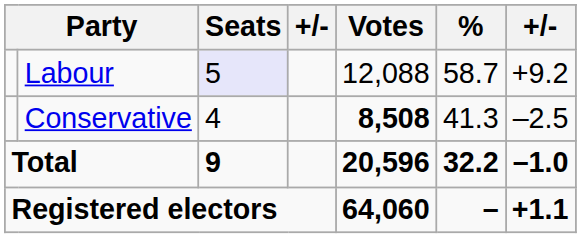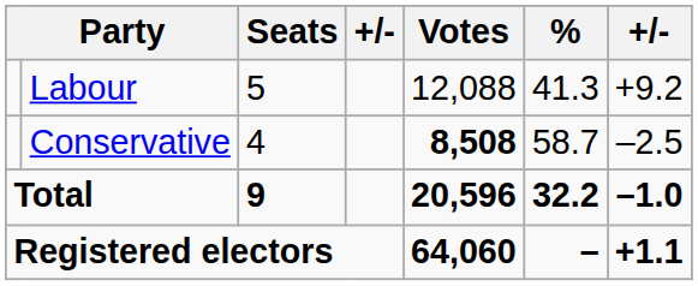 <table class="wikitable sortable">
 <tr>
 <th colspan="2">Party</th>
 <th>Seats</th>
 <th>+/-</th>
 <th>Votes</th>
 <th>%</th>
 <th>+/-</th>
 </tr>
 <tr>
 <td style="background-color: "></td>
 <td><a href='#'>Labour</a></td>
-<td style="background: lavender;">5</td>
+<td>5</td>
 <td></td>
 <td style="text-align:right;">12,088</td>
-<td style="text-align:right;">58.7</td>
+<td style="text-align:right;">41.3</td>
 <td style="text-align:right;">+9.2</td>
 </tr>
 <tr>
 <td style="background-color: "></td>
 <td><a href='#'>Conservative</a></td>
 <td>4</td>
 <td></td>
 <td style="text-align:right;"><strong>8,508</strong></td>
-<td style="text-align:right;">41.3</td>
+<td style="text-align:right;">58.7</td>
 <td style="text-align:right;">–2.5</td>
 </tr>
 <tr>
 <td colspan="2"><strong>Total</strong></td>
 <td><strong>9</strong></td>
 <td></td>
 <td style="text-align:right;"><strong>20,596</strong></td>
 <td style="text-align:right;"><strong>32.2</strong></td>
 <td style="text-align:right;"><strong>–1.0</strong></td>
 </tr>
 <tr>
 <td colspan="4"><strong>Registered electors</strong></td>
 <td style="text-align:right;"><strong>64,060</strong></td>
 <td style="text-align:right;"><strong>–</strong></td>
 <td style="text-align:right;"><strong>+1.1</strong></td>
 </tr>
 </table>
